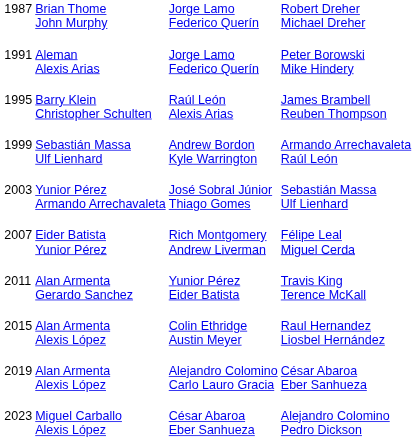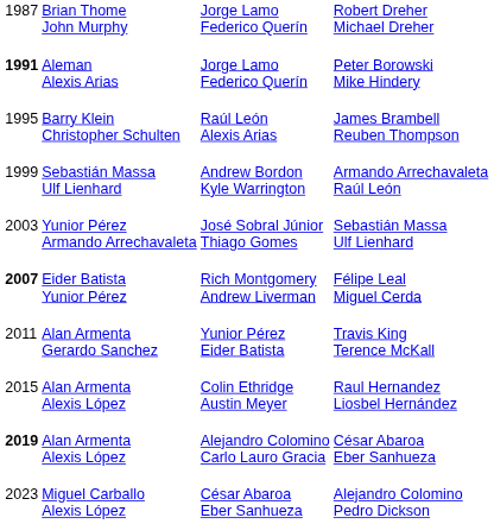 <table>
 <tr>
 <td>1987</td>
 <td><br><a href='#'>Brian Thome</a><br><a href='#'>John Murphy</a></td>
 <td><br><a href='#'>Jorge Lamo</a><br><a href='#'>Federico Querín</a></td>
 <td><br><a href='#'>Robert Dreher</a><br><a href='#'>Michael Dreher</a></td>
 </tr>
 <tr>
-<td>1991</td>
+<td><strong>1991</strong></td>
 <td><br><a href='#'>Aleman</a><br><a href='#'>Alexis Arias</a></td>
 <td><br><a href='#'>Jorge Lamo</a><br><a href='#'>Federico Querín</a></td>
 <td><br><a href='#'>Peter Borowski</a><br><a href='#'>Mike Hindery</a></td>
 </tr>
 <tr>
 <td>1995</td>
 <td><br><a href='#'>Barry Klein</a><br><a href='#'>Christopher Schulten</a></td>
 <td><br><a href='#'>Raúl León</a><br><a href='#'>Alexis Arias</a></td>
 <td><br><a href='#'>James Brambell</a><br><a href='#'>Reuben Thompson</a></td>
 </tr>
 <tr>
 <td>1999</td>
 <td><br><a href='#'>Sebastián Massa</a><br><a href='#'>Ulf Lienhard</a></td>
 <td><br><a href='#'>Andrew Bordon</a><br> <a href='#'>Kyle Warrington</a></td>
 <td><br><a href='#'>Armando Arrechavaleta</a><br> <a href='#'>Raúl León</a></td>
 </tr>
 <tr>
 <td>2003</td>
 <td><br><a href='#'>Yunior Pérez</a><br> <a href='#'>Armando Arrechavaleta</a></td>
 <td><br><a href='#'>José Sobral Júnior</a><br><a href='#'>Thiago Gomes</a></td>
 <td><br><a href='#'>Sebastián Massa</a><br> <a href='#'>Ulf Lienhard</a></td>
 </tr>
 <tr>
-<td>2007</td>
+<td><strong>2007</strong></td>
 <td><br><a href='#'>Eider Batista</a><br><a href='#'>Yunior Pérez</a></td>
 <td><br><a href='#'>Rich Montgomery</a><br><a href='#'>Andrew Liverman</a></td>
 <td><br><a href='#'>Félipe Leal</a><br><a href='#'>Miguel Cerda</a></td>
 </tr>
 <tr>
 <td>2011<br></td>
 <td><br><a href='#'>Alan Armenta</a><br><a href='#'>Gerardo Sanchez</a></td>
 <td><br><a href='#'>Yunior Pérez</a><br> <a href='#'>Eider Batista</a></td>
 <td><br><a href='#'>Travis King</a><br> <a href='#'>Terence McKall</a></td>
 </tr>
 <tr>
 <td>2015<br></td>
 <td><br><a href='#'>Alan Armenta</a><br><a href='#'>Alexis López</a></td>
 <td><br><a href='#'>Colin Ethridge</a><br><a href='#'>Austin Meyer</a></td>
 <td><br><a href='#'>Raul Hernandez</a><br><a href='#'>Liosbel Hernández</a></td>
 </tr>
 <tr>
-<td>2019<br></td>
+<td><strong>2019<br></strong></td>
 <td><br><a href='#'>Alan Armenta</a><br><a href='#'>Alexis López</a></td>
 <td><br><a href='#'>Alejandro Colomino</a><br><a href='#'>Carlo Lauro Gracia</a></td>
 <td><br><a href='#'>César Abaroa</a><br><a href='#'>Eber Sanhueza</a></td>
 </tr>
 <tr>
 <td>2023<br></td>
 <td><br><a href='#'>Miguel Carballo</a><br><a href='#'>Alexis López</a></td>
 <td><br><a href='#'>César Abaroa</a><br><a href='#'>Eber Sanhueza</a></td>
 <td><br><a href='#'>Alejandro Colomino</a><br><a href='#'>Pedro Dickson</a></td>
 </tr>
 </table>
